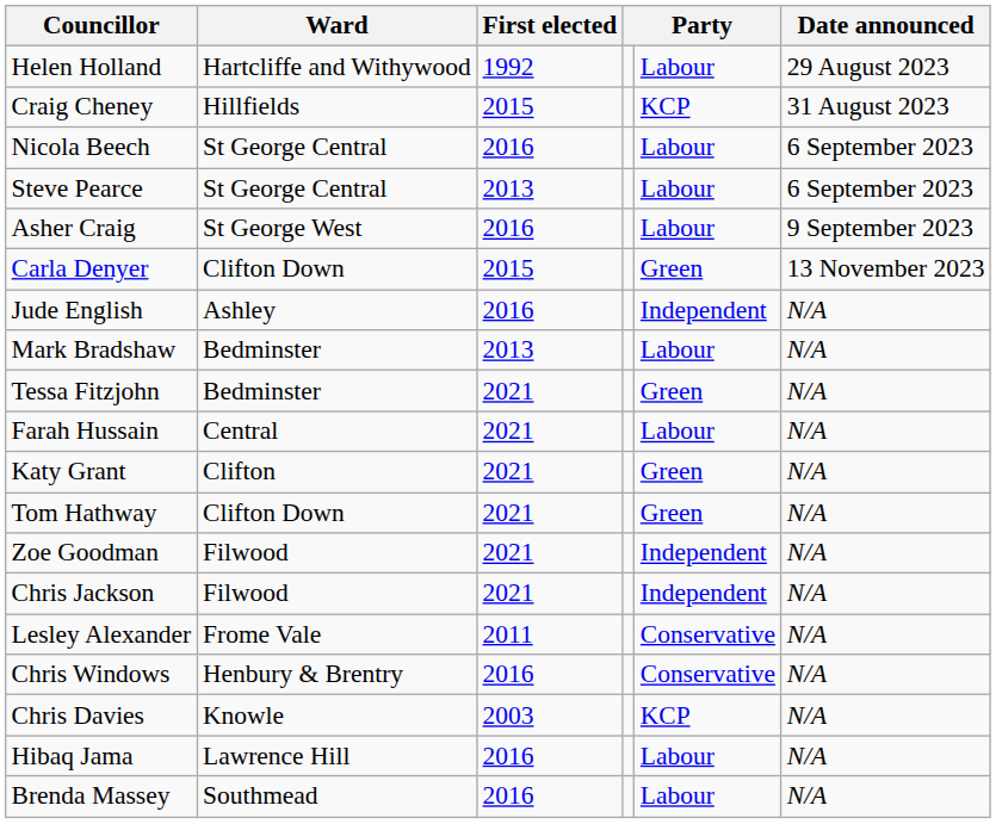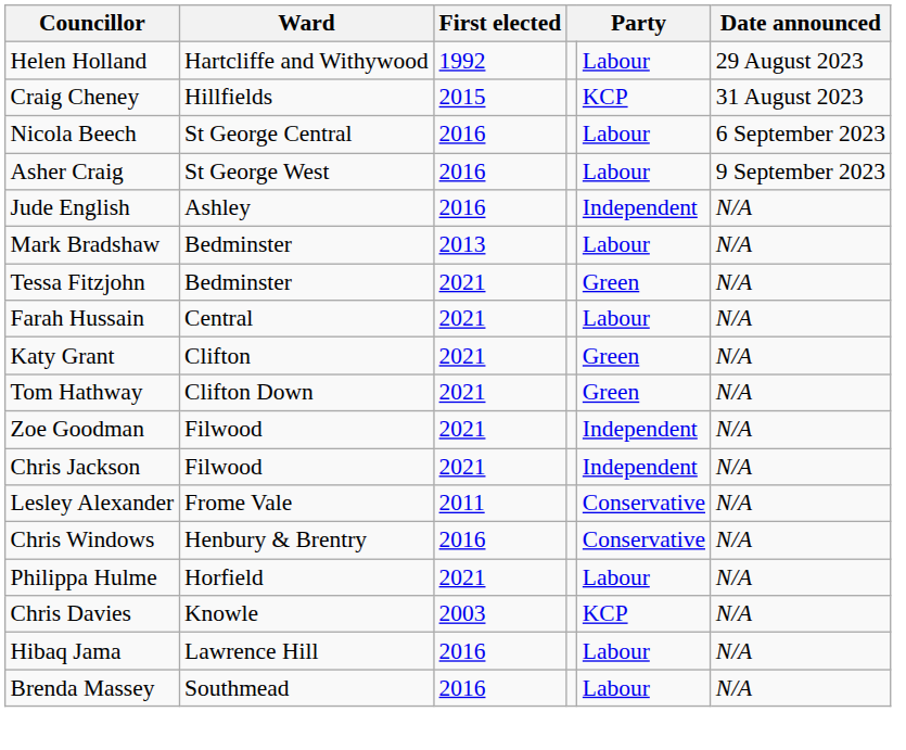 <table class="wikitable sortable">
 <tr>
 <th scope="col">Councillor</th>
 <th scope="col">Ward</th>
 <th scope="col">First elected</th>
 <th colspan="2" scope="col">Party</th>
 <th scope="col">Date announced</th>
 </tr>
 <tr>
 <td>Helen Holland</td>
 <td>Hartcliffe and Withywood</td>
 <td><a href='#'>1992</a></td>
 <td style="color:inherit;background:"></td>
 <td><a href='#'>Labour</a></td>
 <td>29 August 2023</td>
 </tr>
 <tr>
 <td>Craig Cheney</td>
 <td>Hillfields</td>
 <td><a href='#'>2015</a></td>
 <td style="color:inherit;background:"></td>
 <td><a href='#'>KCP</a></td>
 <td>31 August 2023</td>
 </tr>
 <tr>
 <td>Nicola Beech</td>
 <td>St George Central</td>
 <td><a href='#'>2016</a></td>
 <td style="color:inherit;background:"></td>
 <td><a href='#'>Labour</a></td>
 <td>6 September 2023</td>
 </tr>
 <tr>
-<td>Steve Pearce</td>
-<td>St George Central</td>
-<td><a href='#'>2013</a></td>
-<td style="color:inherit;background:"></td>
-<td><a href='#'>Labour</a></td>
-<td>6 September 2023</td>
-</tr>
-<tr>
 <td>Asher Craig</td>
 <td>St George West</td>
 <td><a href='#'>2016</a></td>
 <td style="color:inherit;background:"></td>
 <td><a href='#'>Labour</a></td>
 <td>9 September 2023</td>
-</tr>
-<tr>
-<td><a href='#'>Carla Denyer</a></td>
-<td>Clifton Down</td>
-<td><a href='#'>2015</a></td>
-<td style="color:inherit;background:"></td>
-<td><a href='#'>Green</a></td>
-<td>13 November 2023</td>
 </tr>
 <tr>
 <td>Jude English</td>
 <td>Ashley</td>
 <td><a href='#'>2016</a></td>
 <td style="color:inherit;background:"></td>
 <td><a href='#'>Independent</a></td>
 <td><em>N/A</em></td>
 </tr>
 <tr>
 <td>Mark Bradshaw</td>
 <td>Bedminster</td>
 <td><a href='#'>2013</a></td>
 <td style="color:inherit;background:"></td>
 <td><a href='#'>Labour</a></td>
 <td><em>N/A</em></td>
 </tr>
 <tr>
 <td>Tessa Fitzjohn</td>
 <td>Bedminster</td>
 <td><a href='#'>2021</a></td>
 <td style="color:inherit;background:"></td>
 <td><a href='#'>Green</a></td>
 <td><em>N/A</em></td>
 </tr>
 <tr>
 <td>Farah Hussain</td>
 <td>Central</td>
 <td><a href='#'>2021</a></td>
 <td style="color:inherit;background:"></td>
 <td><a href='#'>Labour</a></td>
 <td><em>N/A</em></td>
 </tr>
 <tr>
 <td>Katy Grant</td>
 <td>Clifton</td>
 <td><a href='#'>2021</a></td>
 <td style="color:inherit;background:"></td>
 <td><a href='#'>Green</a></td>
 <td><em>N/A</em></td>
 </tr>
 <tr>
 <td>Tom Hathway</td>
 <td>Clifton Down</td>
 <td><a href='#'>2021</a></td>
 <td style="color:inherit;background:"></td>
 <td><a href='#'>Green</a></td>
 <td><em>N/A</em></td>
 </tr>
 <tr>
 <td>Zoe Goodman</td>
 <td>Filwood</td>
 <td><a href='#'>2021</a></td>
 <td style="color:inherit;background:"></td>
 <td><a href='#'>Independent</a></td>
 <td><em>N/A</em></td>
 </tr>
 <tr>
 <td>Chris Jackson</td>
 <td>Filwood</td>
 <td><a href='#'>2021</a></td>
 <td style="color:inherit;background:"></td>
 <td><a href='#'>Independent</a></td>
 <td><em>N/A</em></td>
 </tr>
 <tr>
 <td>Lesley Alexander</td>
 <td>Frome Vale</td>
 <td><a href='#'>2011</a></td>
 <td style="color:inherit;background:"></td>
 <td><a href='#'>Conservative</a></td>
 <td><em>N/A</em></td>
 </tr>
 <tr>
 <td>Chris Windows</td>
 <td>Henbury & Brentry</td>
 <td><a href='#'>2016</a></td>
 <td style="color:inherit;background:"></td>
 <td><a href='#'>Conservative</a></td>
 <td><em>N/A</em></td>
 </tr>
 <tr>
+<td>Philippa Hulme</td>
+<td>Horfield</td>
+<td><a href='#'>2021</a></td>
+<td style="color:inherit;background:"></td>
+<td><a href='#'>Labour</a></td>
+<td><em>N/A</em></td>
+</tr>
+<tr>
 <td>Chris Davies</td>
 <td>Knowle</td>
 <td><a href='#'>2003</a></td>
 <td style="color:inherit;background:"></td>
 <td><a href='#'>KCP</a></td>
 <td><em>N/A</em></td>
 </tr>
 <tr>
 <td>Hibaq Jama</td>
 <td>Lawrence Hill</td>
 <td><a href='#'>2016</a></td>
 <td style="color:inherit;background:"></td>
 <td><a href='#'>Labour</a></td>
 <td><em>N/A</em></td>
 </tr>
 <tr>
 <td>Brenda Massey</td>
 <td>Southmead</td>
 <td><a href='#'>2016</a></td>
 <td style="color:inherit;background:"></td>
 <td><a href='#'>Labour</a></td>
 <td><em>N/A</em></td>
 </tr>
 </table>
